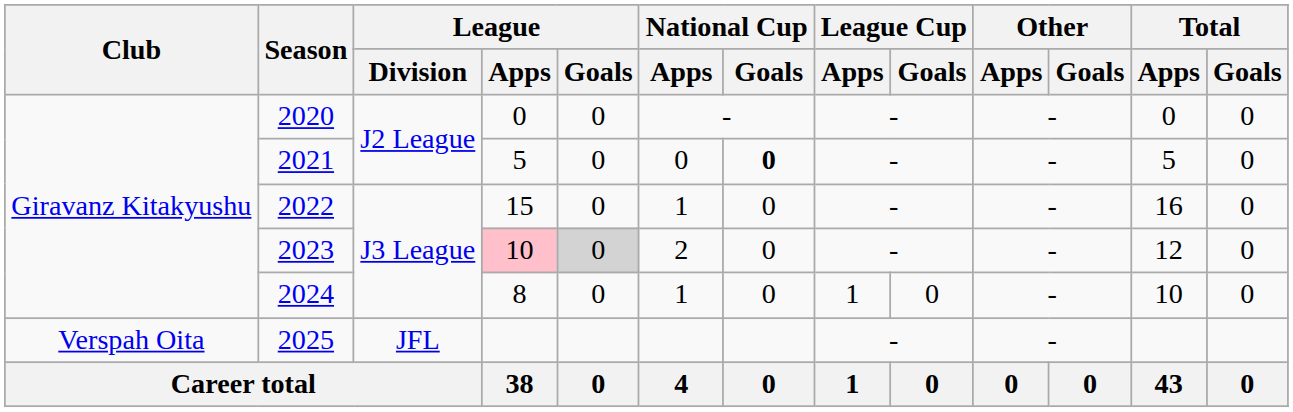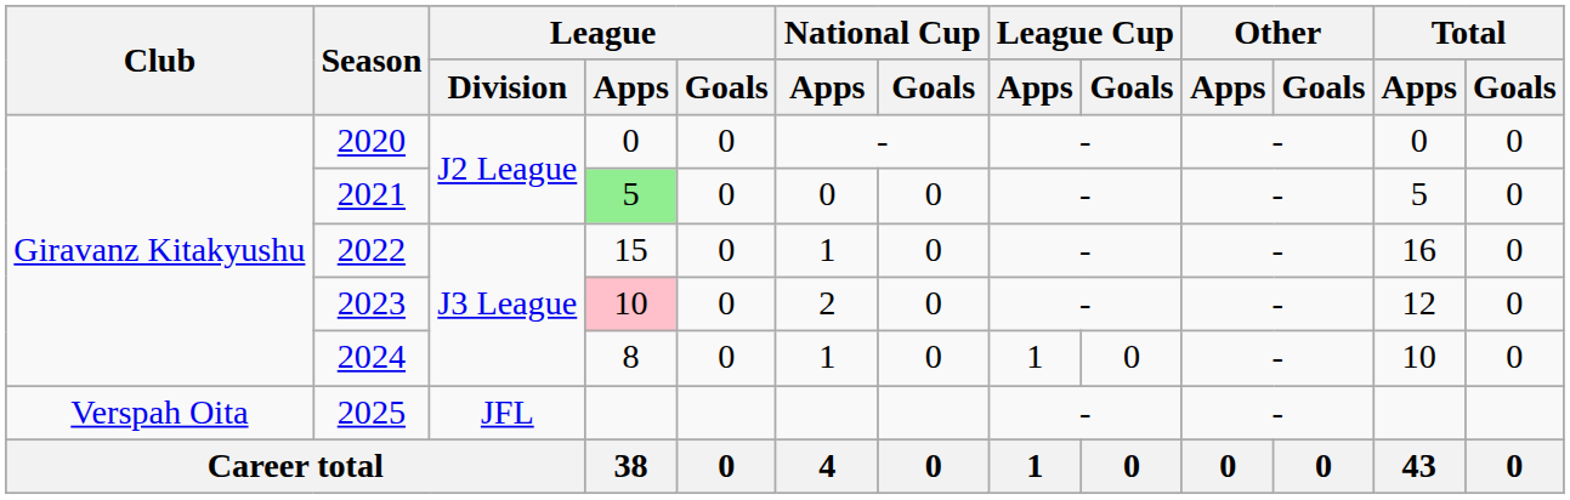 <table class="wikitable" style="text-align: center">
 <tr>
 <th rowspan="2">Club</th>
 <th rowspan="2">Season</th>
 <th colspan="3">League</th>
 <th colspan="2">National Cup</th>
 <th colspan="2">League Cup</th>
 <th colspan="2">Other</th>
 <th colspan="2">Total</th>
 </tr>
 <tr>
 <th>Division</th>
 <th>Apps</th>
 <th>Goals</th>
 <th>Apps</th>
 <th>Goals</th>
 <th>Apps</th>
 <th>Goals</th>
 <th>Apps</th>
 <th>Goals</th>
 <th>Apps</th>
 <th>Goals</th>
 </tr>
 <tr>
 <td rowspan="5"><a href='#'>Giravanz Kitakyushu</a></td>
 <td><a href='#'>2020</a></td>
 <td rowspan="2"><a href='#'>J2 League</a></td>
 <td>0</td>
 <td>0</td>
 <td colspan=2>-</td>
 <td colspan=2>-</td>
 <td colspan=2>-</td>
 <td>0</td>
 <td>0</td>
 </tr>
 <tr>
 <td><a href='#'>2021</a></td>
-<td>5</td>
+<td style="background: lightgreen;">5</td>
 <td>0</td>
 <td>0</td>
-<td><strong>0</strong></td>
+<td>0</td>
 <td colspan=2>-</td>
 <td colspan=2>-</td>
 <td>5</td>
 <td>0</td>
 </tr>
 <tr>
 <td><a href='#'>2022</a></td>
 <td rowspan=3><a href='#'>J3 League</a></td>
 <td>15</td>
 <td>0</td>
 <td>1</td>
 <td>0</td>
 <td colspan=2>-</td>
 <td colspan=2>-</td>
 <td>16</td>
 <td>0</td>
 </tr>
 <tr>
 <td><a href='#'>2023</a></td>
 <td style="background: pink;">10</td>
-<td style="background: lightgrey;">0</td>
+<td>0</td>
 <td>2</td>
 <td>0</td>
 <td colspan=2>-</td>
 <td colspan=2>-</td>
 <td>12</td>
 <td>0</td>
 </tr>
 <tr>
 <td><a href='#'>2024</a></td>
 <td>8</td>
 <td>0</td>
 <td>1</td>
 <td>0</td>
 <td>1</td>
 <td>0</td>
 <td colspan=2>-</td>
 <td>10</td>
 <td>0</td>
 </tr>
 <tr>
 <td><a href='#'>Verspah Oita</a></td>
 <td><a href='#'>2025</a></td>
 <td><a href='#'>JFL</a></td>
 <td></td>
 <td></td>
 <td></td>
 <td></td>
 <td colspan=2>-</td>
 <td colspan=2>-</td>
 <td></td>
 <td></td>
 </tr>
 <tr>
 <th colspan=3>Career total</th>
 <th>38</th>
 <th>0</th>
 <th>4</th>
 <th>0</th>
 <th>1</th>
 <th>0</th>
 <th>0</th>
 <th>0</th>
 <th>43</th>
 <th>0</th>
 </tr>
 </table>
